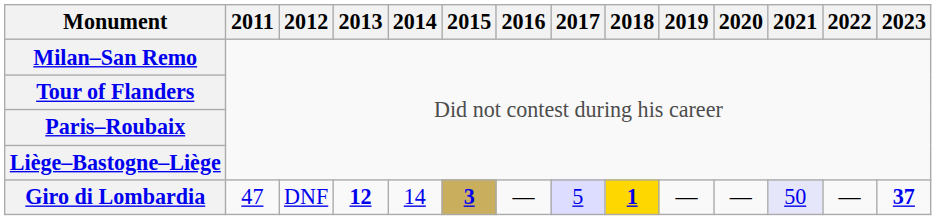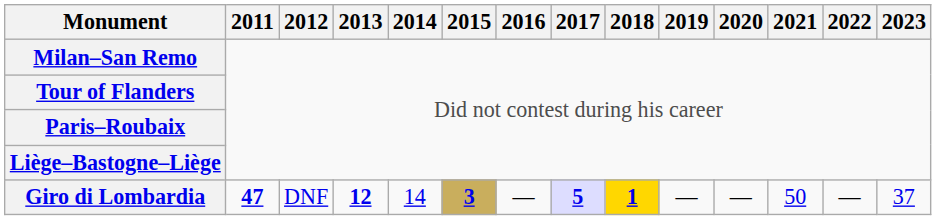 <table class="wikitable plainrowheaders">
 <tr>
 <th>Monument</th>
 <th>2011</th>
 <th>2012</th>
 <th>2013</th>
 <th>2014</th>
 <th>2015</th>
 <th>2016</th>
 <th>2017</th>
 <th>2018</th>
 <th>2019</th>
 <th>2020</th>
 <th>2021</th>
 <th>2022</th>
 <th>2023</th>
 </tr>
 <tr style="text-align:center;">
 <th scope="row"><a href='#'>Milan–San Remo</a></th>
 <td style="color:#4d4d4d;" colspan=13 rowspan=4>Did not contest during his career</td>
 </tr>
 <tr style="text-align:center;">
 <th scope="row"><a href='#'>Tour of Flanders</a></th>
 </tr>
 <tr style="text-align:center;">
 <th scope="row"><a href='#'>Paris–Roubaix</a></th>
 </tr>
 <tr style="text-align:center;">
 <th scope="row"><a href='#'>Liège–Bastogne–Liège</a></th>
 </tr>
 <tr style="text-align:center;">
 <th scope="row"><a href='#'>Giro di Lombardia</a></th>
-<td><a href='#'>47</a></td>
+<td><strong><a href='#'>47</a></strong></td>
 <td><a href='#'>DNF</a></td>
 <td><strong><a href='#'>12</a></strong></td>
 <td><a href='#'>14</a></td>
 <td style="background:#C9AE5D;"><a href='#'><strong>3</strong></a></td>
 <td>—</td>
-<td style="background:#ddf;"><a href='#'>5</a></td>
+<td style="background:#ddf;"><strong><a href='#'>5</a></strong></td>
 <td style="background:gold;"><a href='#'><strong>1</strong></a></td>
 <td>—</td>
 <td>—</td>
-<td style="background: lavender;"><a href='#'>50</a></td>
+<td><a href='#'>50</a></td>
 <td>—</td>
-<td><strong><a href='#'>37</a></strong></td>
+<td><a href='#'>37</a></td>
 </tr>
 </table>
